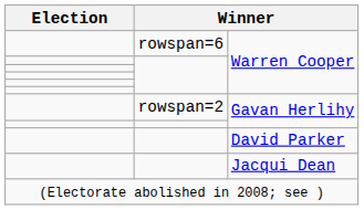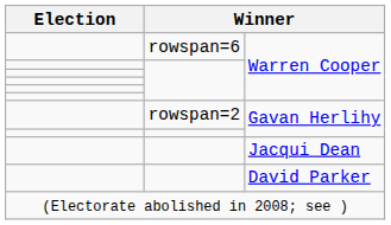 <table class=wikitable>
 <tr>
 <th width=100>Election</th>
 <th width=175 colspan=2>Winner</th>
 </tr>
 <tr>
 <td></td>
 <td>rowspan=6 </td>
 <td rowspan=6><a href='#'>Warren Cooper</a></td>
 </tr>
 <tr>
 <td></td>
 </tr>
 <tr>
 <td></td>
 </tr>
 <tr>
 <td></td>
 </tr>
 <tr>
 <td></td>
 </tr>
 <tr>
 <td></td>
 </tr>
 <tr>
 <td></td>
 <td>rowspan=2 </td>
 <td rowspan=2><a href='#'>Gavan Herlihy</a></td>
 </tr>
 <tr>
 <td></td>
 </tr>
 <tr>
 <td></td>
 <td></td>
-<td><a href='#'>David Parker</a></td>
+<td><a href='#'>Jacqui Dean</a></td>
 </tr>
 <tr>
 <td></td>
 <td></td>
-<td><a href='#'>Jacqui Dean</a></td>
+<td><a href='#'>David Parker</a></td>
 </tr>
 <tr>
 <td colspan=3 align=center><small>(Electorate abolished in 2008; see )</small></td>
 </tr>
 </table>
